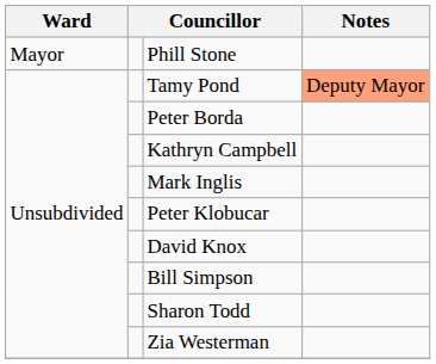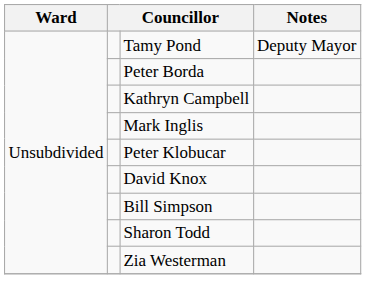 <table class="wikitable">
 <tr>
 <th>Ward</th>
 <th colspan="2">Councillor</th>
 <th>Notes</th>
 </tr>
 <tr>
-<td rowspan="1">Mayor</td>
-<td> </td>
-<td>Phill Stone</td>
-<td></td>
-</tr>
-<tr>
 <td rowspan="9">Unsubdivided</td>
 <td> </td>
 <td>Tamy Pond</td>
-<td style="background: lightsalmon;">Deputy Mayor</td>
+<td>Deputy Mayor</td>
 </tr>
 <tr>
 <td> </td>
 <td>Peter Borda</td>
 <td></td>
 </tr>
 <tr>
 <td> </td>
 <td>Kathryn Campbell</td>
 <td></td>
 </tr>
 <tr>
 <td> </td>
 <td>Mark Inglis</td>
 <td></td>
 </tr>
 <tr>
 <td> </td>
 <td>Peter Klobucar</td>
 <td></td>
 </tr>
 <tr>
 <td> </td>
 <td>David Knox</td>
 <td></td>
 </tr>
 <tr>
 <td> </td>
 <td>Bill Simpson</td>
 <td></td>
 </tr>
 <tr>
 <td> </td>
 <td>Sharon Todd</td>
 <td></td>
 </tr>
 <tr>
 <td> </td>
 <td>Zia Westerman</td>
 <td></td>
 </tr>
 <tr>
 </tr>
 </table>
